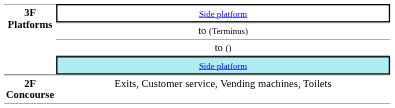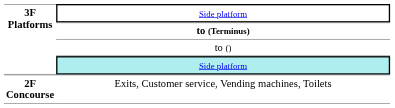 <table table border=0 cellspacing=0 cellpadding=3>
 <tr>
 <td style="border-bottom:solid 1px gray;border-top:solid 1px gray;text-align:center" rowspan="4" valign=top width=50><strong>3F<br>Platforms</strong></td>
 <td style="border-right:solid 2px black;border-left:solid 2px black;border-top:solid 2px black;border-bottom:solid 2px black;text-align:center;"><small><a href='#'>Side platform</a></small></td>
 </tr>
 <tr>
-<td style="border-bottom:solid 1px gray;border-top:solid 1px gray;text-align:center;">  to  <small>(Terminus)</small></td>
+<td style="border-bottom:solid 1px gray;border-top:solid 1px gray;text-align:center;"><strong>  to  <small>(Terminus)</small></strong></td>
 </tr>
 <tr>
 <td style="border-bottom:solid 1px gray;text-align:center;"> to  <small>() </small></td>
 </tr>
 <tr>
 <td style="background: paleturquoise; border-right:solid 2px black;border-left:solid 2px black;border-top:solid 2px black;border-bottom:solid 2px black;text-align:center;"><small><a href='#'>Side platform</a></small></td>
 </tr>
 <tr>
 <td style="border-bottom:solid 1px gray; border-top:solid 1px gray;text-align:center" valign=top><strong>2F<br>Concourse</strong></td>
 <td style="border-bottom:solid 1px gray; border-top:solid 1px gray;text-align:center" valign=top width=500>Exits, Customer service, Vending machines, Toilets</td>
 </tr>
 </table>
